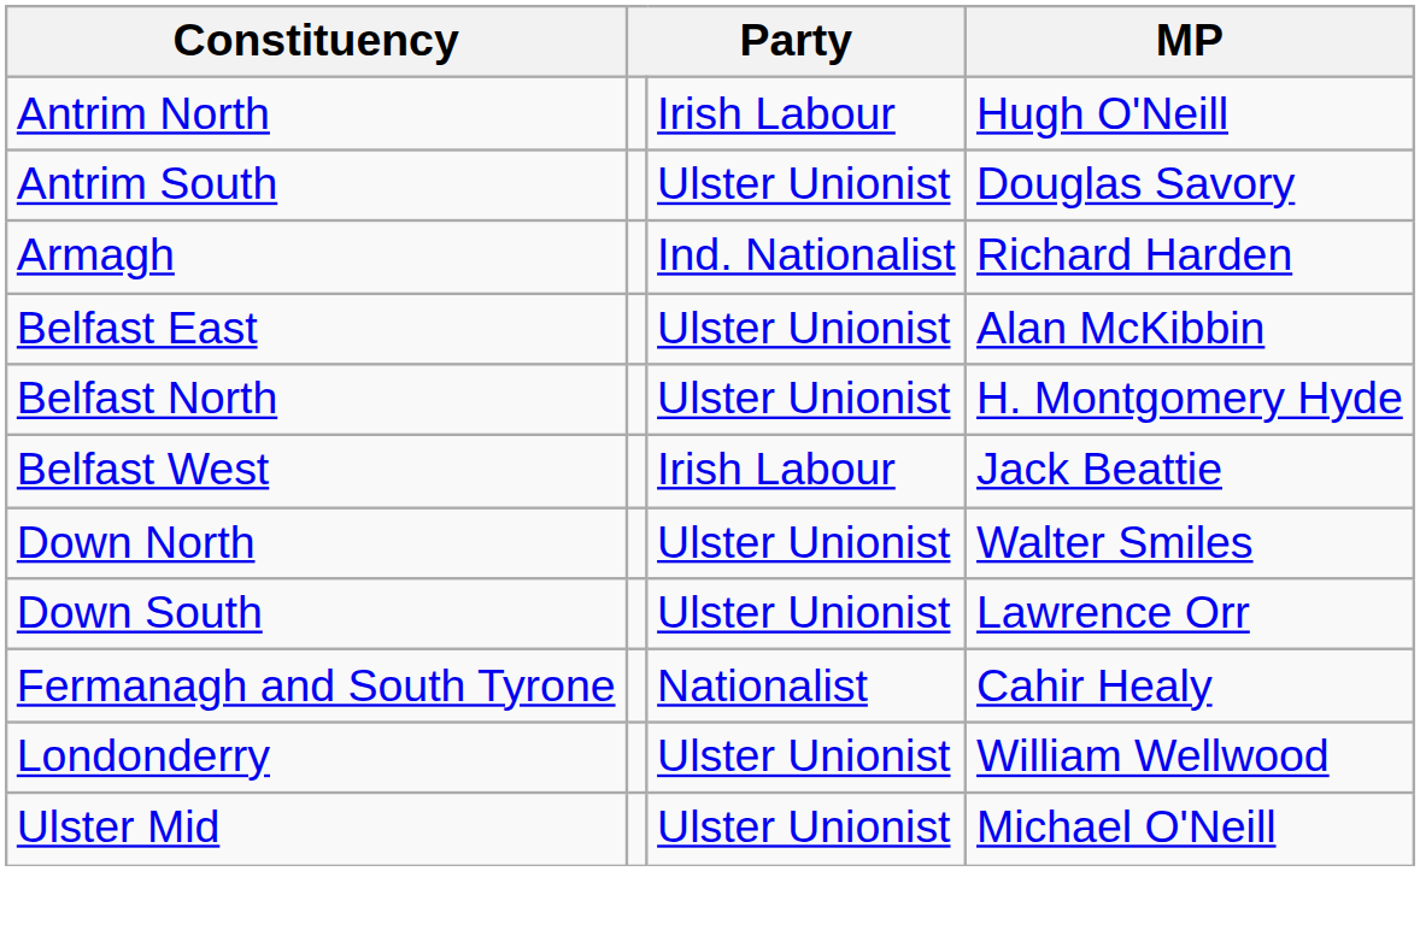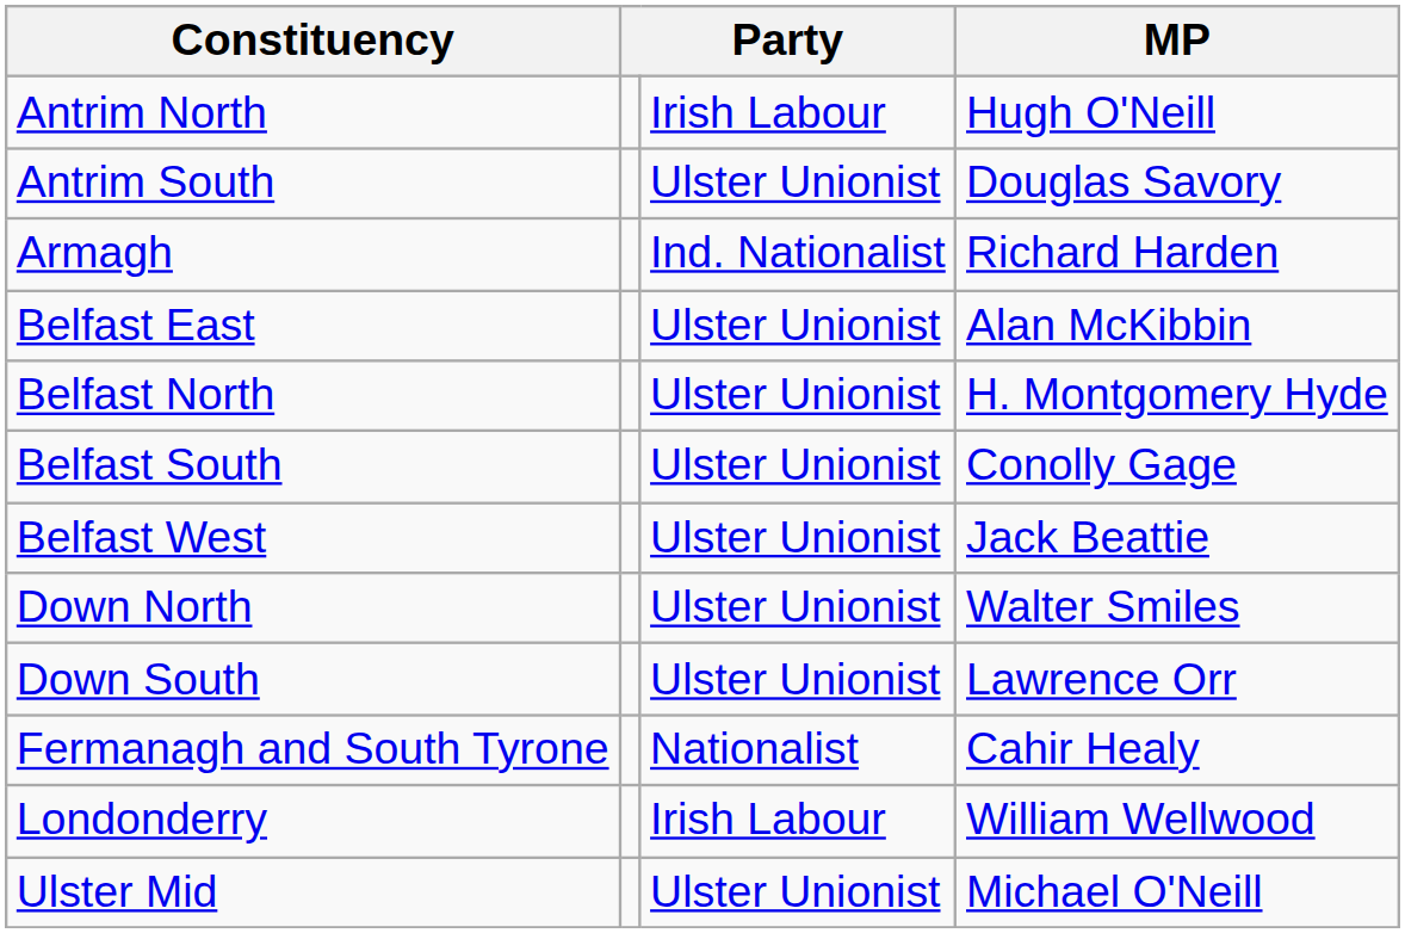 <table class=wikitable>
 <tr>
 <th>Constituency</th>
 <th colspan=2>Party</th>
 <th>MP</th>
 </tr>
 <tr>
 <td><a href='#'>Antrim North</a></td>
 <td style="color:inherit;background-color: "></td>
 <td><a href='#'>Irish Labour</a></td>
 <td><a href='#'>Hugh O'Neill</a></td>
 </tr>
 <tr>
 <td><a href='#'>Antrim South</a></td>
 <td style="color:inherit;background-color: "></td>
 <td><a href='#'>Ulster Unionist</a></td>
 <td><a href='#'>Douglas Savory</a></td>
 </tr>
 <tr>
 <td><a href='#'>Armagh</a></td>
 <td style="color:inherit;background-color: "></td>
 <td><a href='#'>Ind. Nationalist</a></td>
 <td><a href='#'>Richard Harden</a></td>
 </tr>
 <tr>
 <td><a href='#'>Belfast East</a></td>
 <td style="color:inherit;background-color: "></td>
 <td><a href='#'>Ulster Unionist</a></td>
 <td><a href='#'>Alan McKibbin</a></td>
 </tr>
 <tr>
 <td><a href='#'>Belfast North</a></td>
 <td style="color:inherit;background-color: "></td>
 <td><a href='#'>Ulster Unionist</a></td>
 <td><a href='#'>H. Montgomery Hyde</a></td>
 </tr>
 <tr>
+<td><a href='#'>Belfast South</a></td>
+<td style="color:inherit;background-color: "></td>
+<td><a href='#'>Ulster Unionist</a></td>
+<td><a href='#'>Conolly Gage</a></td>
+</tr>
+<tr>
 <td><a href='#'>Belfast West</a></td>
 <td style="color:inherit;background-color: "></td>
-<td><a href='#'>Irish Labour</a></td>
+<td><a href='#'>Ulster Unionist</a></td>
 <td><a href='#'>Jack Beattie</a></td>
 </tr>
 <tr>
 <td><a href='#'>Down North</a></td>
 <td style="color:inherit;background-color: "></td>
 <td><a href='#'>Ulster Unionist</a></td>
 <td><a href='#'>Walter Smiles</a></td>
 </tr>
 <tr>
 <td><a href='#'>Down South</a></td>
 <td style="color:inherit;background-color: "></td>
 <td><a href='#'>Ulster Unionist</a></td>
 <td><a href='#'>Lawrence Orr</a></td>
 </tr>
 <tr>
 <td><a href='#'>Fermanagh and South Tyrone</a></td>
 <td style="color:inherit;background-color: "></td>
 <td><a href='#'>Nationalist</a></td>
 <td><a href='#'>Cahir Healy</a></td>
 </tr>
 <tr>
 <td><a href='#'>Londonderry</a></td>
 <td style="color:inherit;background-color: "></td>
-<td><a href='#'>Ulster Unionist</a></td>
+<td><a href='#'>Irish Labour</a></td>
 <td><a href='#'>William Wellwood</a></td>
 </tr>
 <tr>
 <td><a href='#'>Ulster Mid</a></td>
 <td style="color:inherit;background-color: "></td>
 <td><a href='#'>Ulster Unionist</a></td>
 <td><a href='#'>Michael O'Neill</a></td>
 </tr>
 </table>
